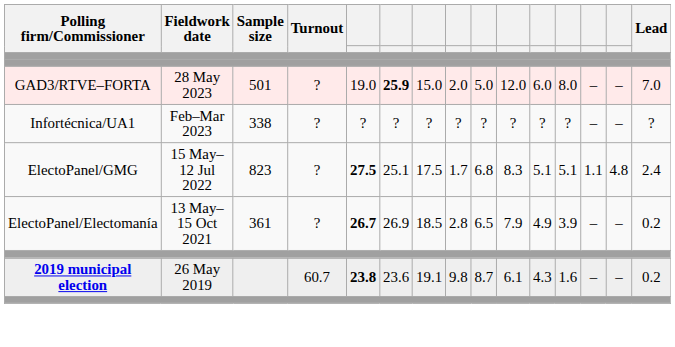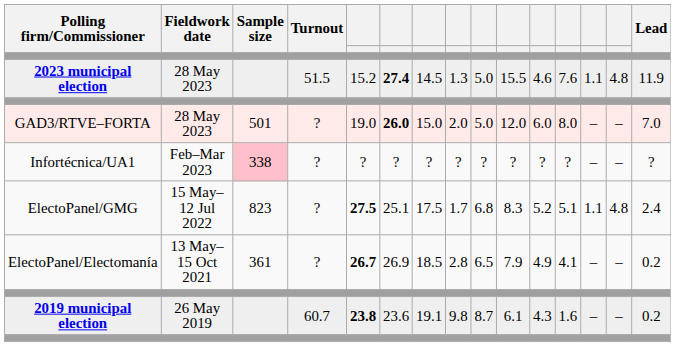 <table class="wikitable collapsible collapsed" style="text-align:center; font-size:95%; line-height:16px;">
 <tr style="height:42px;">
 <th style="width:250px;" rowspan="2">Polling firm/Commissioner</th>
 <th style="width:125px;" rowspan="2">Fieldwork date</th>
 <th style="width:50px;" rowspan="2">Sample size</th>
 <th style="width:45px;" rowspan="2">Turnout</th>
 <th style="width:35px;"></th>
 <th style="width:35px;"></th>
 <th style="width:35px;"><br></th>
 <th style="width:35px;"></th>
 <th style="width:35px;"></th>
 <th style="width:35px;"></th>
 <th style="width:35px;"></th>
 <th style="width:35px;"></th>
 <th style="width:35px;"></th>
 <th style="width:35px;"></th>
 <th style="width:30px;" rowspan="2">Lead</th>
 </tr>
 <tr>
 <th style="color:inherit;background:"></th>
 <th style="color:inherit;background:"></th>
 <th style="color:inherit;background:"></th>
 <th style="color:inherit;background:"></th>
 <th style="color:inherit;background:"></th>
 <th style="color:inherit;background:"></th>
 <th style="color:inherit;background:"></th>
 <th style="color:inherit;background:"></th>
 <th style="color:inherit;background:"></th>
 <th style="color:inherit;background:"></th>
 </tr>
 <tr>
 <td colspan="15" style="background:#A0A0A0"></td>
 </tr>
+<tr style="background:#EFEFEF;">
+<td><strong><a href='#'>2023 municipal election</a></strong></td>
+<td>28 May 2023</td>
+<td></td>
+<td>51.5</td>
+<td>15.2<br></td>
+<td><strong>27.4</strong><br></td>
+<td>14.5<br></td>
+<td>1.3<br></td>
+<td>5.0<br></td>
+<td>15.5<br></td>
+<td>4.6<br></td>
+<td>7.6<br></td>
+<td>1.1<br></td>
+<td>4.8<br></td>
+<td style="background:">11.9</td>
+</tr>
 <tr>
 <td colspan="15" style="background:#A0A0A0"></td>
 </tr>
 <tr style="background:#FFEAEA;">
 <td>GAD3/RTVE–FORTA</td>
 <td>28 May 2023</td>
 <td>501</td>
 <td>?</td>
 <td>19.0<br></td>
-<td><strong>25.9</strong><br></td>
+<td><strong>26.0</strong><br></td>
 <td>15.0<br></td>
 <td>2.0<br></td>
 <td>5.0<br></td>
 <td>12.0<br></td>
 <td>6.0<br></td>
 <td>8.0<br></td>
 <td>–</td>
 <td>–</td>
 <td style="background:">7.0</td>
 </tr>
 <tr>
 <td>Infortécnica/UA1</td>
 <td>Feb–Mar 2023</td>
-<td>338</td>
+<td style="background: pink;">338</td>
 <td>?</td>
 <td>?<br></td>
 <td>?<br></td>
 <td>?<br></td>
 <td>?<br></td>
 <td>?<br></td>
 <td>?<br></td>
 <td>?<br></td>
 <td>?<br></td>
 <td>–</td>
 <td>–</td>
 <td style="background:">?</td>
 </tr>
 <tr>
 <td>ElectoPanel/GMG</td>
 <td>15 May–12 Jul 2022</td>
 <td>823</td>
 <td>?</td>
 <td><strong>27.5</strong><br></td>
 <td>25.1<br></td>
 <td>17.5<br></td>
 <td>1.7<br></td>
 <td>6.8<br></td>
 <td>8.3<br></td>
-<td>5.1<br></td>
+<td>5.2<br></td>
 <td>5.1<br></td>
 <td>1.1<br></td>
 <td>4.8<br></td>
 <td style="background:">2.4</td>
 </tr>
 <tr>
 <td>ElectoPanel/Electomanía</td>
 <td>13 May–15 Oct 2021</td>
 <td>361</td>
 <td>?</td>
 <td><strong>26.7</strong><br></td>
 <td>26.9<br></td>
 <td>18.5<br></td>
 <td>2.8<br></td>
 <td>6.5<br></td>
 <td>7.9<br></td>
 <td>4.9<br></td>
-<td>3.9<br></td>
+<td>4.1<br></td>
 <td>–</td>
 <td>–</td>
 <td style="background:">0.2</td>
 </tr>
 <tr>
 <td colspan="15" style="background:#A0A0A0"></td>
 </tr>
 <tr style="background:#EFEFEF;">
 <td><strong><a href='#'>2019 municipal election</a></strong></td>
 <td>26 May 2019</td>
 <td></td>
 <td>60.7</td>
 <td><strong>23.8</strong><br></td>
 <td>23.6<br></td>
 <td>19.1<br></td>
 <td>9.8<br></td>
 <td>8.7<br></td>
 <td>6.1<br></td>
 <td>4.3<br></td>
 <td>1.6<br></td>
 <td>–</td>
 <td>–</td>
 <td style="background:">0.2</td>
 </tr>
 <tr>
 <td colspan="15" style="background:#A0A0A0"></td>
 </tr>
 </table>
